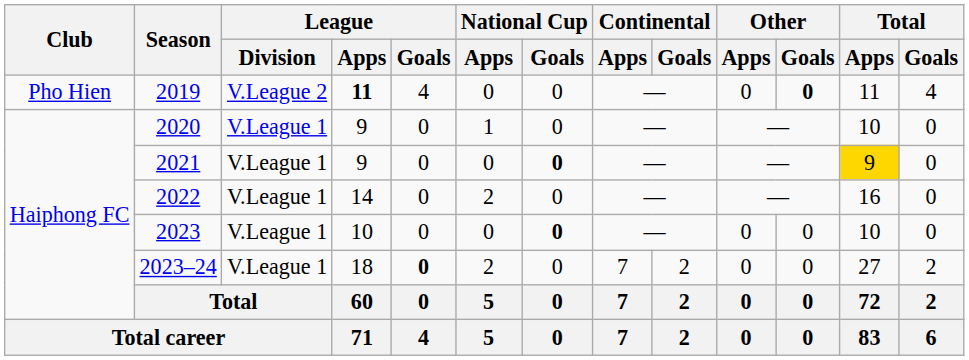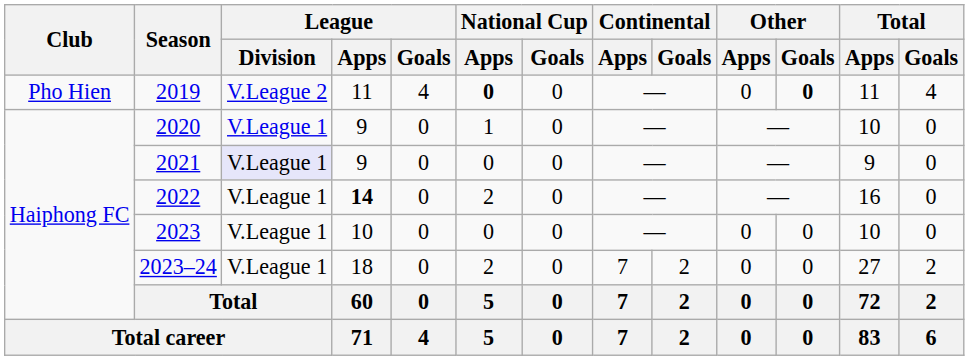 <table class="wikitable" style="text-align: center;">
 <tr>
 <th rowspan="2">Club</th>
 <th rowspan="2">Season</th>
 <th colspan="3">League</th>
 <th colspan="2">National Cup</th>
 <th colspan="2">Continental</th>
 <th colspan="2">Other</th>
 <th colspan="2">Total</th>
 </tr>
 <tr>
 <th>Division</th>
 <th>Apps</th>
 <th>Goals</th>
 <th>Apps</th>
 <th>Goals</th>
 <th>Apps</th>
 <th>Goals</th>
 <th>Apps</th>
 <th>Goals</th>
 <th>Apps</th>
 <th>Goals</th>
 </tr>
 <tr>
 <td><a href='#'>Pho Hien</a></td>
 <td><a href='#'>2019</a></td>
 <td><a href='#'>V.League 2</a></td>
-<td><strong>11</strong></td>
+<td>11</td>
 <td>4</td>
-<td>0</td>
+<td><strong>0</strong></td>
 <td>0</td>
 <td colspan=2>—</td>
 <td>0</td>
 <td><strong>0</strong></td>
 <td>11</td>
 <td>4</td>
 </tr>
 <tr>
 <td rowspan=6><a href='#'>Haiphong FC</a></td>
 <td><a href='#'>2020</a></td>
 <td><a href='#'>V.League 1</a></td>
 <td>9</td>
 <td>0</td>
 <td>1</td>
 <td>0</td>
 <td colspan=2>—</td>
 <td colspan=2>—</td>
 <td>10</td>
 <td>0</td>
 </tr>
 <tr>
 <td><a href='#'>2021</a></td>
-<td>V.League 1</td>
+<td style="background: lavender;">V.League 1</td>
 <td>9</td>
 <td>0</td>
 <td>0</td>
-<td><strong>0</strong></td>
+<td>0</td>
 <td colspan=2>—</td>
 <td colspan=2>—</td>
-<td style="background: gold;">9</td>
+<td>9</td>
 <td>0</td>
 </tr>
 <tr>
 <td><a href='#'>2022</a></td>
 <td>V.League 1</td>
-<td>14</td>
+<td><strong>14</strong></td>
 <td>0</td>
 <td>2</td>
 <td>0</td>
 <td colspan=2>—</td>
 <td colspan=2>—</td>
 <td>16</td>
 <td>0</td>
 </tr>
 <tr>
 <td><a href='#'>2023</a></td>
 <td>V.League 1</td>
 <td>10</td>
 <td>0</td>
 <td>0</td>
-<td><strong>0</strong></td>
+<td>0</td>
 <td colspan=2>—</td>
 <td>0</td>
 <td>0</td>
 <td>10</td>
 <td>0</td>
 </tr>
 <tr>
 <td><a href='#'>2023–24</a></td>
 <td>V.League 1</td>
 <td>18</td>
-<td><strong>0</strong></td>
+<td>0</td>
 <td>2</td>
 <td>0</td>
 <td>7</td>
 <td>2</td>
 <td>0</td>
 <td>0</td>
 <td>27</td>
 <td>2</td>
 </tr>
 <tr>
 <th colspan=2>Total</th>
 <th>60</th>
 <th>0</th>
 <th>5</th>
 <th>0</th>
 <th>7</th>
 <th>2</th>
 <th>0</th>
 <th>0</th>
 <th>72</th>
 <th>2</th>
 </tr>
 <tr>
 <th colspan=3>Total career</th>
 <th>71</th>
 <th>4</th>
 <th>5</th>
 <th>0</th>
 <th>7</th>
 <th>2</th>
 <th>0</th>
 <th>0</th>
 <th>83</th>
 <th>6</th>
 </tr>
 </table>
